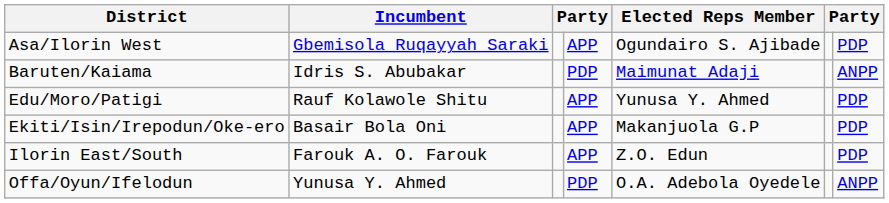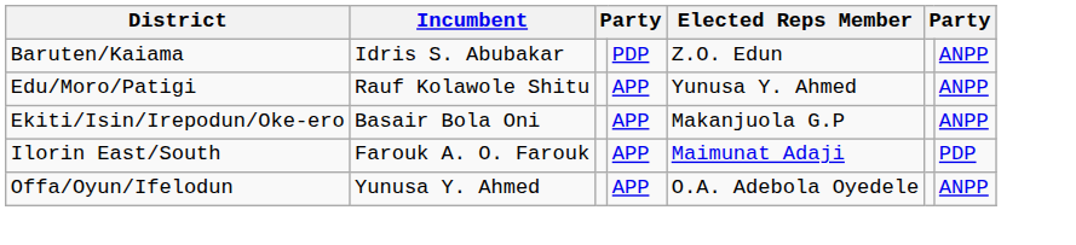 <table class="sortable wikitable" style="font-size:95%;line-height:14px;">
 <tr>
 <th class="unsortable">District</th>
 <th class="unsortable"><a href='#'>Incumbent</a></th>
 <th colspan="2">Party</th>
 <th class="unsortable">Elected Reps Member</th>
 <th colspan="2">Party</th>
 </tr>
 <tr>
-<td>Asa/Ilorin West</td>
-<td><a href='#'>Gbemisola Ruqayyah Saraki</a></td>
-<td style="background:;"></td>
-<td><a href='#'>APP</a></td>
-<td>Ogundairo S. Ajibade</td>
-<td style="background:"></td>
-<td><a href='#'>PDP</a></td>
-</tr>
-<tr>
 <td>Baruten/Kaiama</td>
 <td>Idris S. Abubakar</td>
 <td style="background:"></td>
 <td><a href='#'>PDP</a></td>
-<td><a href='#'>Maimunat Adaji</a></td>
+<td>Z.O. Edun</td>
 <td style="background:"></td>
 <td><a href='#'>ANPP</a></td>
 </tr>
 <tr>
 <td>Edu/Moro/Patigi</td>
 <td>Rauf Kolawole Shitu</td>
 <td style="background:"></td>
 <td><a href='#'>APP</a></td>
 <td>Yunusa Y. Ahmed</td>
 <td style="background:"></td>
-<td><a href='#'>PDP</a></td>
+<td><a href='#'>ANPP</a></td>
 </tr>
 <tr>
 <td>Ekiti/Isin/Irepodun/Oke-ero</td>
 <td>Basair Bola Oni</td>
 <td style="background:;"></td>
 <td><a href='#'>APP</a></td>
 <td>Makanjuola G.P</td>
 <td style="background:"></td>
-<td><a href='#'>PDP</a></td>
+<td><a href='#'>ANPP</a></td>
 </tr>
 <tr>
 <td>Ilorin East/South</td>
 <td>Farouk A. O. Farouk</td>
 <td style="background:;"></td>
 <td><a href='#'>APP</a></td>
-<td>Z.O. Edun</td>
+<td><a href='#'>Maimunat Adaji</a></td>
 <td style="background:"></td>
 <td><a href='#'>PDP</a></td>
 </tr>
 <tr>
 <td>Offa/Oyun/Ifelodun</td>
 <td>Yunusa Y. Ahmed</td>
 <td style="background:;"></td>
-<td><a href='#'>PDP</a></td>
+<td><a href='#'>APP</a></td>
 <td>O.A. Adebola Oyedele</td>
 <td style="background:"></td>
 <td><a href='#'>ANPP</a></td>
 </tr>
 </table>
